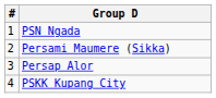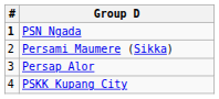 <table class="wikitable sortable" style="width: 250px;">
 <tr>
 <th>#</th>
 <th>Group D</th>
 </tr>
 <tr>
-<td>1</td>
+<td><strong>1</strong></td>
 <td><a href='#'>PSN Ngada</a></td>
 </tr>
 <tr>
 <td>2</td>
 <td><a href='#'>Persami Maumere</a> (<a href='#'>Sikka</a>)</td>
 </tr>
 <tr>
 <td>3</td>
 <td><a href='#'>Persap Alor</a></td>
 </tr>
 <tr>
 <td>4</td>
 <td><a href='#'>PSKK Kupang City</a></td>
 </tr>
 </table>
